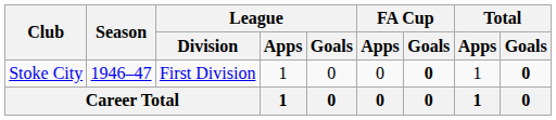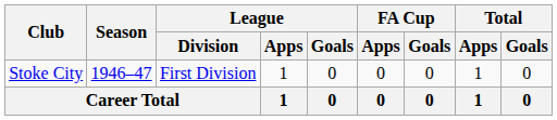 <table class="wikitable" style="text-align: center;">
 <tr>
 <th rowspan="2">Club</th>
 <th rowspan="2">Season</th>
 <th colspan="3">League</th>
 <th colspan="2">FA Cup</th>
 <th colspan="2">Total</th>
 </tr>
 <tr>
 <th>Division</th>
 <th>Apps</th>
 <th>Goals</th>
 <th>Apps</th>
 <th>Goals</th>
 <th>Apps</th>
 <th>Goals</th>
 </tr>
 <tr>
 <td><a href='#'>Stoke City</a></td>
 <td><a href='#'>1946–47</a></td>
 <td><a href='#'>First Division</a></td>
 <td>1</td>
 <td>0</td>
 <td>0</td>
-<td><strong>0</strong></td>
+<td>0</td>
 <td>1</td>
-<td><strong>0</strong></td>
+<td>0</td>
 </tr>
 <tr>
 <th colspan="3">Career Total</th>
 <th>1</th>
 <th>0</th>
 <th>0</th>
 <th>0</th>
 <th>1</th>
 <th>0</th>
 </tr>
 </table>
